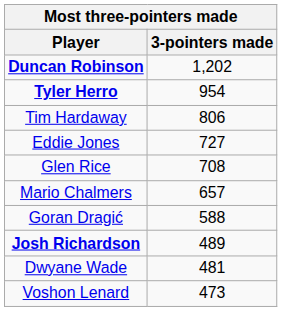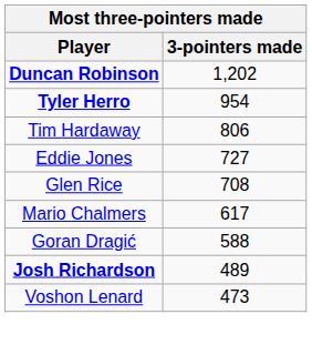 <table class="wikitable sortable" style="text-align:center;">
 <tr>
 <th colspan="2">Most three-pointers made</th>
 </tr>
 <tr>
 <th>Player</th>
 <th>3-pointers made</th>
 </tr>
 <tr>
 <td><strong><a href='#'>Duncan Robinson</a></strong></td>
 <td>1,202</td>
 </tr>
 <tr>
 <td><strong><a href='#'>Tyler Herro</a></strong></td>
 <td>954</td>
 </tr>
 <tr>
 <td><a href='#'>Tim Hardaway</a></td>
 <td>806</td>
 </tr>
 <tr>
 <td><a href='#'>Eddie Jones</a></td>
 <td>727</td>
 </tr>
 <tr>
 <td><a href='#'>Glen Rice</a></td>
 <td>708</td>
 </tr>
 <tr>
 <td><a href='#'>Mario Chalmers</a></td>
-<td>657</td>
+<td>617</td>
 </tr>
 <tr>
 <td><a href='#'>Goran Dragić</a></td>
 <td>588</td>
 </tr>
 <tr>
 <td><strong><a href='#'>Josh Richardson</a></strong></td>
 <td>489</td>
 </tr>
 <tr>
-<td><a href='#'>Dwyane Wade</a></td>
-<td>481</td>
-</tr>
-<tr>
 <td><a href='#'>Voshon Lenard</a></td>
 <td>473</td>
 </tr>
 </table>
